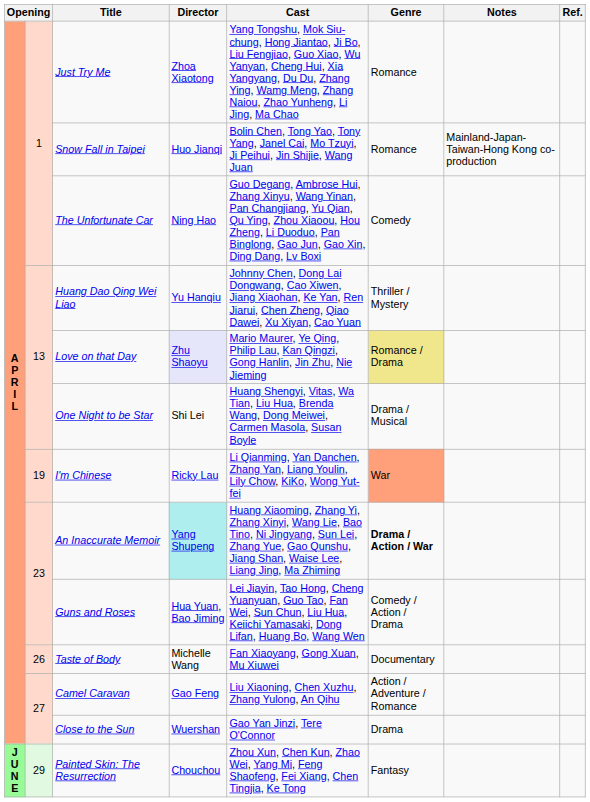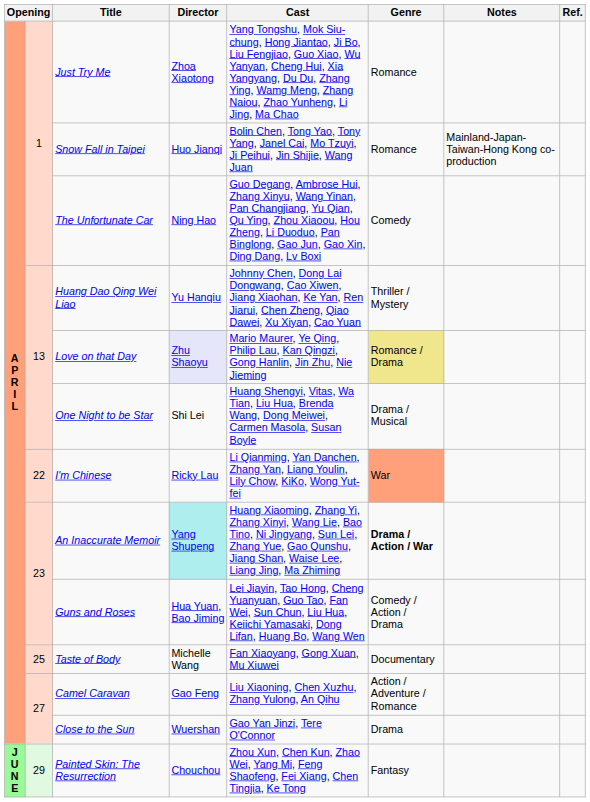 <table class="wikitable">
 <tr>
 <th colspan="2">Opening</th>
 <th style="width:20%;">Title</th>
 <th style="width:10%;">Director</th>
 <th>Cast</th>
 <th style="width:13%">Genre</th>
 <th style="width:20%">Notes</th>
 <th>Ref.</th>
 </tr>
 <tr>
 <th rowspan=12 style="text-align:center; background:#ffa07a; textcolor:#000;">A<br>P<br>R<br>I<br>L</th>
 <td rowspan=3 style="text-align:center; background:#ffdacc; textcolor:#000;">1</td>
 <td><em><a href='#'>Just Try Me</a></em></td>
 <td><a href='#'>Zhoa Xiaotong</a></td>
 <td><a href='#'>Yang Tongshu</a>, <a href='#'>Mok Siu-chung</a>, <a href='#'>Hong Jiantao</a>, <a href='#'>Ji Bo</a>, <a href='#'>Liu Fengjiao</a>, <a href='#'>Guo Xiao</a>, <a href='#'>Wu Yanyan</a>, <a href='#'>Cheng Hui</a>, <a href='#'>Xia Yangyang</a>, <a href='#'>Du Du</a>, <a href='#'>Zhang Ying</a>, <a href='#'>Wamg Meng</a>, <a href='#'>Zhang Naiou</a>, <a href='#'>Zhao Yunheng</a>, <a href='#'>Li Jing</a>, <a href='#'>Ma Chao</a></td>
 <td>Romance</td>
 <td></td>
 <td style="text-align:center;"></td>
 </tr>
 <tr>
 <td><em><a href='#'>Snow Fall in Taipei</a></em></td>
 <td><a href='#'>Huo Jianqi</a></td>
 <td><a href='#'>Bolin Chen</a>, <a href='#'>Tong Yao</a>, <a href='#'>Tony Yang</a>, <a href='#'>Janel Cai</a>, <a href='#'>Mo Tzuyi</a>, <a href='#'>Ji Peihui</a>, <a href='#'>Jin Shijie</a>, <a href='#'>Wang Juan</a></td>
 <td>Romance</td>
 <td>Mainland-Japan-Taiwan-Hong Kong co-production</td>
 <td style="text-align:center;"></td>
 </tr>
 <tr>
 <td><em><a href='#'>The Unfortunate Car</a></em></td>
 <td><a href='#'>Ning Hao</a></td>
 <td><a href='#'>Guo Degang</a>, <a href='#'>Ambrose Hui</a>, <a href='#'>Zhang Xinyu</a>, <a href='#'>Wang Yinan</a>, <a href='#'>Pan Changjiang</a>, <a href='#'>Yu Qian</a>, <a href='#'>Qu Ying</a>, <a href='#'>Zhou Xiaoou</a>, <a href='#'>Hou Zheng</a>, <a href='#'>Li Duoduo</a>, <a href='#'>Pan Binglong</a>, <a href='#'>Gao Jun</a>, <a href='#'>Gao Xin</a>, <a href='#'>Ding Dang</a>, <a href='#'>Lv Boxi</a></td>
 <td>Comedy</td>
 <td></td>
 <td style="text-align:center;"></td>
 </tr>
 <tr>
 <td rowspan=3 style="text-align:center; background:#ffdacc; textcolor:#000;">13</td>
 <td><em><a href='#'>Huang Dao Qing Wei Liao</a></em></td>
 <td><a href='#'>Yu Hanqiu</a></td>
 <td><a href='#'>Johnny Chen</a>, <a href='#'>Dong Lai Dongwang</a>, <a href='#'>Cao Xiwen</a>, <a href='#'>Jiang Xiaohan</a>, <a href='#'>Ke Yan</a>, <a href='#'>Ren Jiarui</a>, <a href='#'>Chen Zheng</a>, <a href='#'>Qiao Dawei</a>, <a href='#'>Xu Xiyan</a>, <a href='#'>Cao Yuan</a></td>
 <td>Thriller / Mystery</td>
 <td></td>
 <td style="text-align:center;"></td>
 </tr>
 <tr>
 <td><em><a href='#'>Love on that Day</a></em></td>
 <td style="background: lavender;"><a href='#'>Zhu Shaoyu</a></td>
 <td><a href='#'>Mario Maurer</a>, <a href='#'>Ye Qing</a>, <a href='#'>Philip Lau</a>, <a href='#'>Kan Qingzi</a>, <a href='#'>Gong Hanlin</a>, <a href='#'>Jin Zhu</a>, <a href='#'>Nie Jieming</a></td>
 <td style="background: khaki;">Romance / Drama</td>
 <td></td>
 <td style="text-align:center;"></td>
 </tr>
 <tr>
 <td><em><a href='#'>One Night to be Star</a></em></td>
 <td>Shi Lei</td>
 <td><a href='#'>Huang Shengyi</a>, <a href='#'>Vitas</a>, <a href='#'>Wa Tian</a>, <a href='#'>Liu Hua</a>, <a href='#'>Brenda Wang</a>, <a href='#'>Dong Meiwei</a>, <a href='#'>Carmen Masola</a>, <a href='#'>Susan Boyle</a></td>
 <td>Drama / Musical</td>
 <td></td>
 <td style="text-align:center;"></td>
 </tr>
 <tr>
-<td rowspan=1 style="text-align:center; background:#ffdacc; textcolor:#000;">19</td>
+<td rowspan=1 style="text-align:center; background:#ffdacc; textcolor:#000;">22</td>
 <td><em><a href='#'>I'm Chinese</a></em></td>
 <td><a href='#'>Ricky Lau</a></td>
 <td><a href='#'>Li Qianming</a>, <a href='#'>Yan Danchen</a>, <a href='#'>Zhang Yan</a>, <a href='#'>Liang Youlin</a>, <a href='#'>Lily Chow</a>, <a href='#'>KiKo</a>, <a href='#'>Wong Yut-fei</a></td>
 <td style="background: lightsalmon;">War</td>
 <td></td>
 <td style="text-align:center;"></td>
 </tr>
 <tr>
 <td rowspan=2 style="text-align:center; background:#ffdacc; textcolor:#000;">23</td>
 <td><em><a href='#'>An Inaccurate Memoir</a></em></td>
 <td style="background: paleturquoise;"><a href='#'>Yang Shupeng</a></td>
 <td><a href='#'>Huang Xiaoming</a>, <a href='#'>Zhang Yi</a>, <a href='#'>Zhang Xinyi</a>, <a href='#'>Wang Lie</a>, <a href='#'>Bao Tino</a>, <a href='#'>Ni Jingyang</a>, <a href='#'>Sun Lei</a>, <a href='#'>Zhang Yue</a>, <a href='#'>Gao Qunshu</a>, <a href='#'>Jiang Shan</a>, <a href='#'>Waise Lee</a>, <a href='#'>Liang Jing</a>, <a href='#'>Ma Zhiming</a></td>
 <td><strong>Drama / Action / War</strong></td>
 <td></td>
 <td style="text-align:center;"></td>
 </tr>
 <tr>
 <td><em><a href='#'>Guns and Roses</a></em></td>
 <td><a href='#'>Hua Yuan</a>, <a href='#'>Bao Jiming</a></td>
 <td><a href='#'>Lei Jiayin</a>, <a href='#'>Tao Hong</a>, <a href='#'>Cheng Yuanyuan</a>, <a href='#'>Guo Tao</a>, <a href='#'>Fan Wei</a>, <a href='#'>Sun Chun</a>, <a href='#'>Liu Hua</a>, <a href='#'>Keiichi Yamasaki</a>, <a href='#'>Dong Lifan</a>, <a href='#'>Huang Bo</a>, <a href='#'>Wang Wen</a></td>
 <td>Comedy / Action / Drama</td>
 <td></td>
 <td style="text-align:center;"></td>
 </tr>
 <tr>
-<td rowspan=1 style="text-align:center; background:#ffdacc; textcolor:#000;">26</td>
+<td rowspan=1 style="text-align:center; background:#ffdacc; textcolor:#000;">25</td>
 <td><em><a href='#'>Taste of Body</a></em></td>
 <td>Michelle Wang</td>
 <td><a href='#'>Fan Xiaoyang</a>, <a href='#'>Gong Xuan</a>, <a href='#'>Mu Xiuwei</a></td>
 <td>Documentary</td>
 <td></td>
 <td style="text-align:center;"></td>
 </tr>
 <tr>
 <td rowspan=2 style="text-align:center; background:#ffdacc; textcolor:#000;">27</td>
 <td><em><a href='#'>Camel Caravan</a></em></td>
 <td><a href='#'>Gao Feng</a></td>
 <td><a href='#'>Liu Xiaoning</a>, <a href='#'>Chen Xuzhu</a>, <a href='#'>Zhang Yulong</a>, <a href='#'>An Qihu</a></td>
 <td>Action / Adventure / Romance</td>
 <td></td>
 <td style="text-align:center;"></td>
 </tr>
 <tr>
 <td><em><a href='#'>Close to the Sun</a></em></td>
 <td><a href='#'>Wuershan</a></td>
 <td><a href='#'>Gao Yan Jinzi</a>, <a href='#'>Tere O'Connor</a></td>
 <td>Drama</td>
 <td></td>
 <td style="text-align:center;"></td>
 </tr>
 <tr>
 <th rowspan=1 style="text-align:center; background:#98fb98; textcolor:#000;">J<br>U<br>N<br>E</th>
 <td rowspan=1 style="text-align:center; background:#E0F9E0; textcolor;#000;">29</td>
 <td><em><a href='#'>Painted Skin: The Resurrection</a></em></td>
 <td><a href='#'>Chouchou</a></td>
 <td><a href='#'>Zhou Xun</a>, <a href='#'>Chen Kun</a>, <a href='#'>Zhao Wei</a>, <a href='#'>Yang Mi</a>, <a href='#'>Feng Shaofeng</a>, <a href='#'>Fei Xiang</a>, <a href='#'>Chen Tingjia</a>, <a href='#'>Ke Tong</a></td>
 <td>Fantasy</td>
 <td></td>
 <td style="text-align:center;"></td>
 </tr>
 </table>
